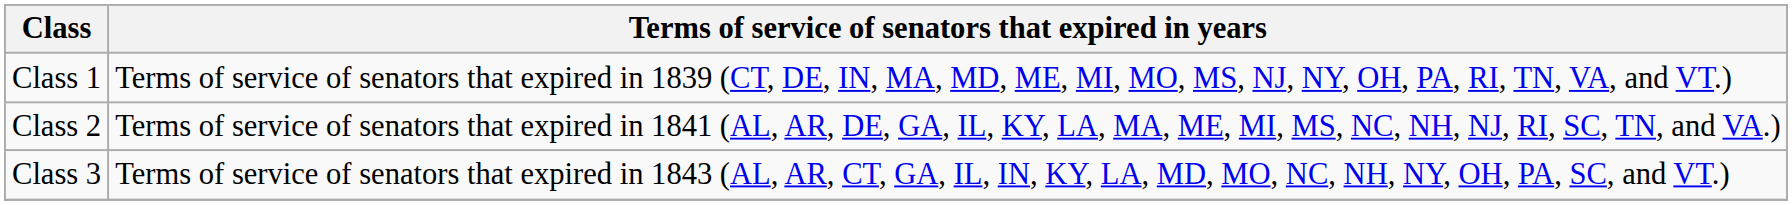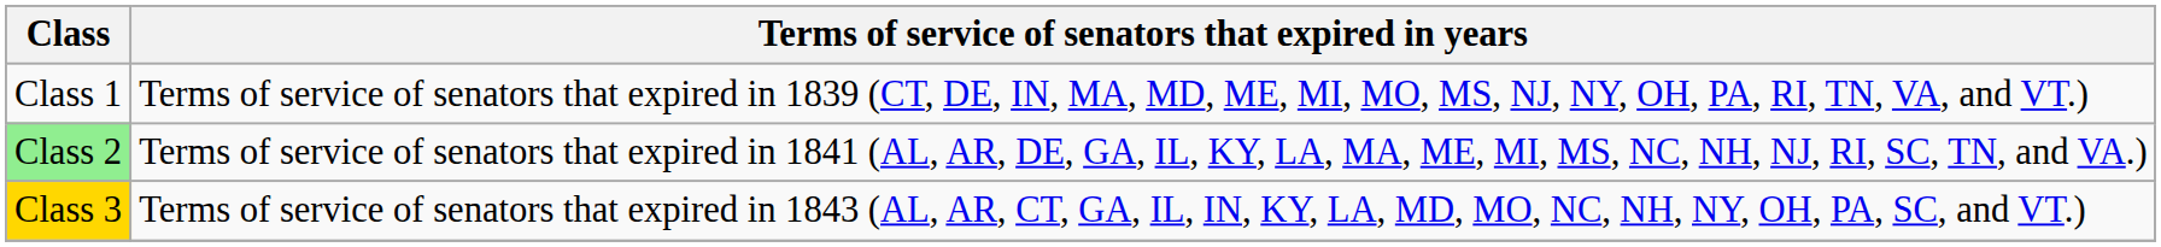 <table class="wikitable sortable">
 <tr valign=bottom>
 <th>Class</th>
 <th>Terms of service of senators that expired in years</th>
 </tr>
 <tr>
 <td>Class 1</td>
 <td>Terms of service of senators that expired in 1839 (<a href='#'>CT</a>, <a href='#'>DE</a>, <a href='#'>IN</a>, <a href='#'>MA</a>, <a href='#'>MD</a>, <a href='#'>ME</a>, <a href='#'>MI</a>, <a href='#'>MO</a>, <a href='#'>MS</a>, <a href='#'>NJ</a>, <a href='#'>NY</a>, <a href='#'>OH</a>, <a href='#'>PA</a>, <a href='#'>RI</a>, <a href='#'>TN</a>, <a href='#'>VA</a>, and <a href='#'>VT</a>.)</td>
 </tr>
 <tr>
-<td>Class 2</td>
+<td style="background: lightgreen;">Class 2</td>
 <td>Terms of service of senators that expired in 1841 (<a href='#'>AL</a>, <a href='#'>AR</a>, <a href='#'>DE</a>, <a href='#'>GA</a>, <a href='#'>IL</a>, <a href='#'>KY</a>, <a href='#'>LA</a>, <a href='#'>MA</a>, <a href='#'>ME</a>, <a href='#'>MI</a>, <a href='#'>MS</a>, <a href='#'>NC</a>, <a href='#'>NH</a>, <a href='#'>NJ</a>, <a href='#'>RI</a>, <a href='#'>SC</a>, <a href='#'>TN</a>, and <a href='#'>VA</a>.)</td>
 </tr>
 <tr>
-<td>Class 3</td>
+<td style="background: gold;">Class 3</td>
 <td>Terms of service of senators that expired in 1843 (<a href='#'>AL</a>, <a href='#'>AR</a>, <a href='#'>CT</a>, <a href='#'>GA</a>, <a href='#'>IL</a>, <a href='#'>IN</a>, <a href='#'>KY</a>, <a href='#'>LA</a>, <a href='#'>MD</a>, <a href='#'>MO</a>, <a href='#'>NC</a>, <a href='#'>NH</a>, <a href='#'>NY</a>, <a href='#'>OH</a>, <a href='#'>PA</a>, <a href='#'>SC</a>, and <a href='#'>VT</a>.)</td>
 </tr>
 <tr>
 </tr>
 </table>
